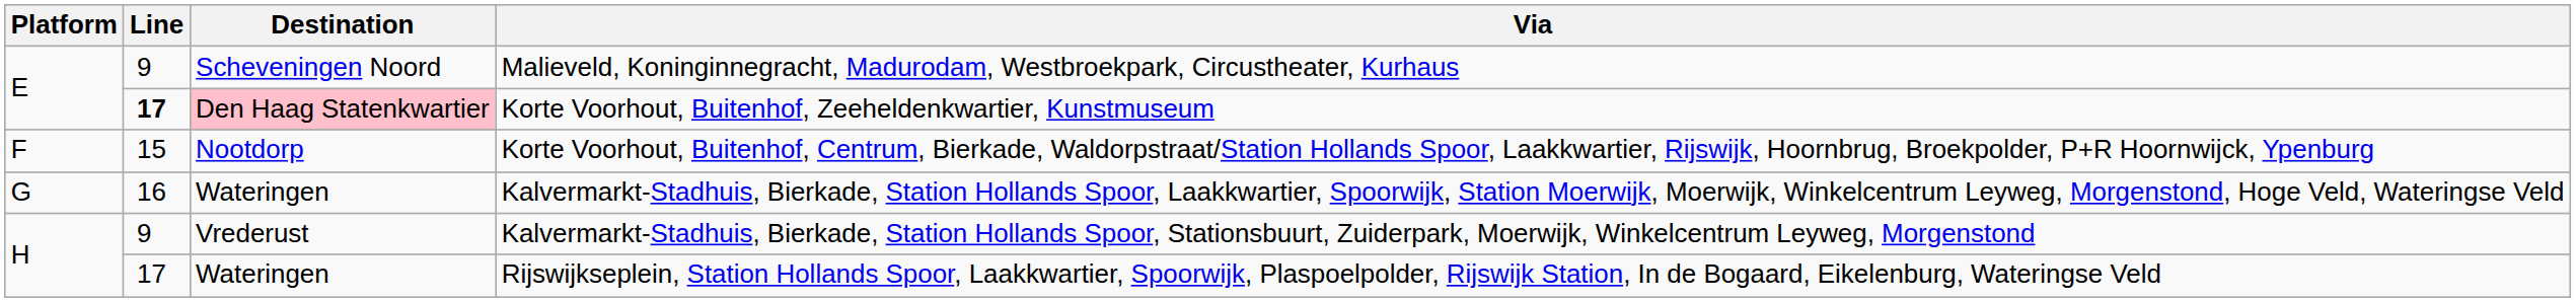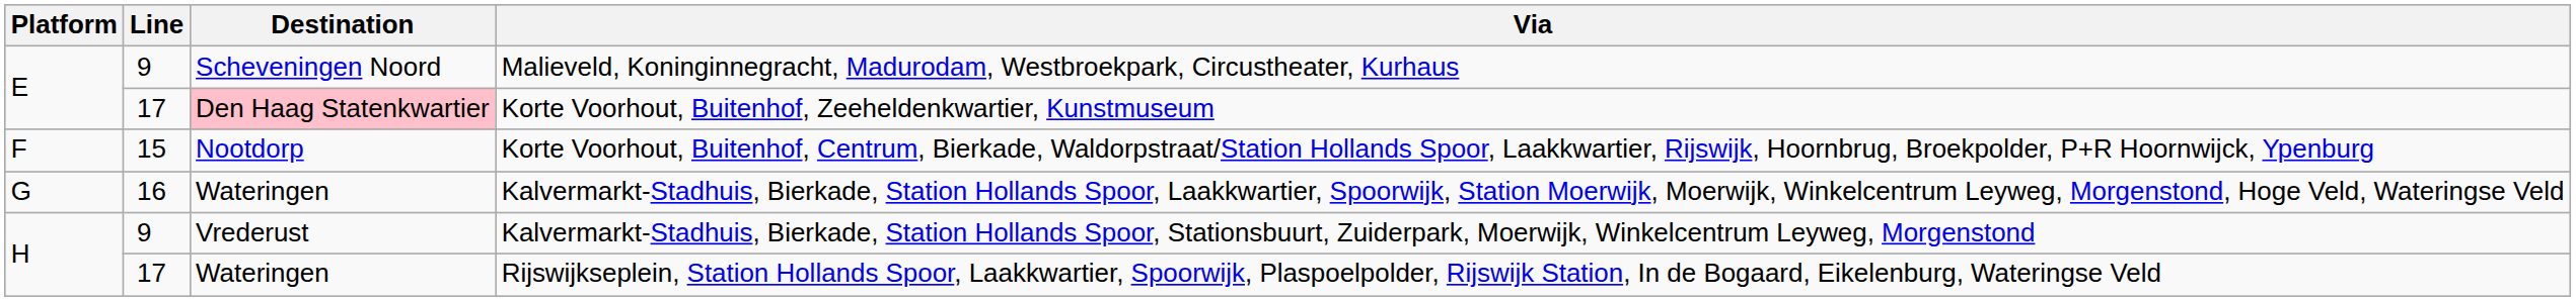 <table class="wikitable">
 <tr>
 <th>Platform</th>
 <th>Line</th>
 <th>Destination</th>
 <th>Via</th>
 </tr>
 <tr>
 <td rowspan="2">E</td>
 <td><span> 9 </span></td>
 <td><a href='#'>Scheveningen</a> Noord</td>
 <td>Malieveld, Koninginnegracht, <a href='#'>Madurodam</a>, Westbroekpark, Circustheater, <a href='#'>Kurhaus</a></td>
 </tr>
 <tr>
-<td><strong><span> 17 </span></strong></td>
+<td><span> 17 </span></td>
 <td style="background: pink;">Den Haag Statenkwartier</td>
 <td>Korte Voorhout, <a href='#'>Buitenhof</a>, Zeeheldenkwartier, <a href='#'>Kunstmuseum</a></td>
 </tr>
 <tr>
 <td>F</td>
 <td><span> 15 </span></td>
 <td><a href='#'>Nootdorp</a></td>
 <td>Korte Voorhout, <a href='#'>Buitenhof</a>, <a href='#'>Centrum</a>, Bierkade, Waldorpstraat/<a href='#'>Station Hollands Spoor</a>, Laakkwartier, <a href='#'>Rijswijk</a>, Hoornbrug, Broekpolder, P+R Hoornwijck, <a href='#'>Ypenburg</a></td>
 </tr>
 <tr>
 <td>G</td>
 <td><span> 16 </span></td>
 <td>Wateringen</td>
 <td>Kalvermarkt-<a href='#'>Stadhuis</a>, Bierkade, <a href='#'>Station Hollands Spoor</a>, Laakkwartier, <a href='#'>Spoorwijk</a>, <a href='#'>Station Moerwijk</a>, Moerwijk, Winkelcentrum Leyweg, <a href='#'>Morgenstond</a>, Hoge Veld, Wateringse Veld</td>
 </tr>
 <tr>
 <td rowspan="2">H</td>
 <td><span> 9 </span></td>
 <td>Vrederust</td>
 <td>Kalvermarkt-<a href='#'>Stadhuis</a>, Bierkade, <a href='#'>Station Hollands Spoor</a>, Stationsbuurt, Zuiderpark, Moerwijk, Winkelcentrum Leyweg, <a href='#'>Morgenstond</a></td>
 </tr>
 <tr>
 <td><span> 17 </span></td>
 <td>Wateringen</td>
 <td>Rijswijkseplein, <a href='#'>Station Hollands Spoor</a>, Laakkwartier, <a href='#'>Spoorwijk</a>, Plaspoelpolder, <a href='#'>Rijswijk Station</a>, In de Bogaard, Eikelenburg, Wateringse Veld</td>
 </tr>
 </table>
